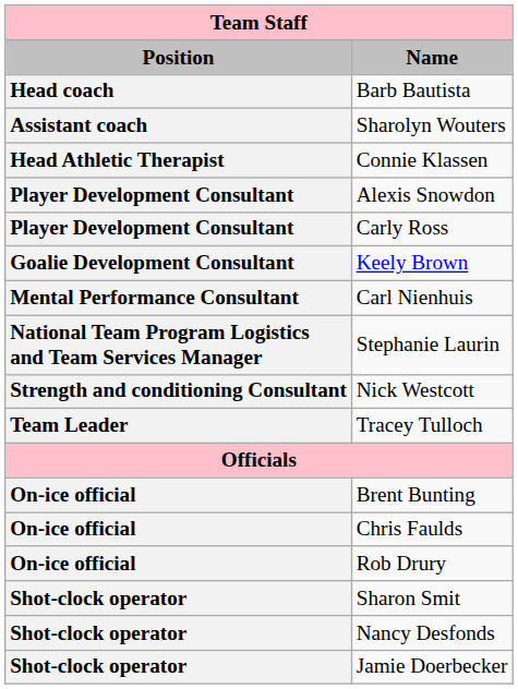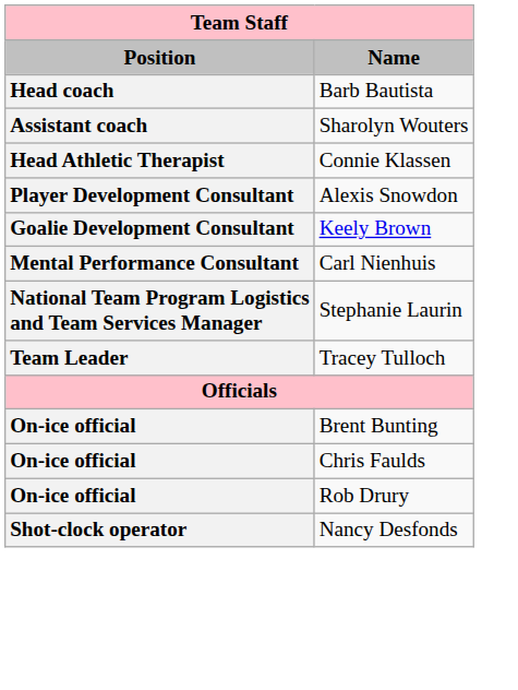 <table class="wikitable" style="text-align:left; font-size:90%;">
 <tr>
 <th style=background:pink colspan=2>Team Staff</th>
 </tr>
 <tr>
 <th style="background:silver;">Position</th>
 <th style="background:silver;">Name</th>
 </tr>
 <tr>
 <th style="text-align:left;">Head coach</th>
 <td>Barb Bautista</td>
 </tr>
 <tr>
 <th style="text-align:left;">Assistant coach</th>
 <td>Sharolyn Wouters</td>
 </tr>
 <tr>
 <th style="text-align:left;">Head Athletic Therapist</th>
 <td>Connie Klassen</td>
 </tr>
 <tr>
 <th style="text-align:left;">Player Development Consultant</th>
 <td>Alexis Snowdon</td>
 </tr>
 <tr>
-<th style="text-align:left;">Player Development Consultant</th>
-<td>Carly Ross</td>
-</tr>
-<tr>
 <th style="text-align:left;">Goalie Development Consultant</th>
 <td><a href='#'>Keely Brown</a></td>
 </tr>
 <tr>
 <th style="text-align:left;">Mental Performance Consultant</th>
 <td>Carl Nienhuis</td>
 </tr>
 <tr>
 <th style="text-align:left;">National Team Program Logistics<br>and Team Services Manager</th>
 <td>Stephanie Laurin</td>
-</tr>
-<tr>
-<th style="text-align:left;">Strength and conditioning Consultant</th>
-<td>Nick Westcott</td>
 </tr>
 <tr>
 <th style="text-align:left;">Team Leader</th>
 <td>Tracey Tulloch</td>
 </tr>
 <tr>
 <th style=background:pink colspan=2><span>Officials</span></th>
 </tr>
 <tr>
 <th style="text-align:left;">On-ice official</th>
 <td>Brent Bunting</td>
 </tr>
 <tr>
 <th style="text-align:left;">On-ice official</th>
 <td>Chris Faulds</td>
 </tr>
 <tr>
 <th style="text-align:left;">On-ice official</th>
 <td>Rob Drury</td>
 </tr>
 <tr>
 <th style="text-align:left;">Shot-clock operator</th>
-<td>Sharon Smit</td>
-</tr>
-<tr>
-<th style="text-align:left;">Shot-clock operator</th>
 <td>Nancy Desfonds</td>
 </tr>
-<tr>
-<th style="text-align:left;">Shot-clock operator</th>
-<td>Jamie Doerbecker</td>
-</tr>
 </table>
